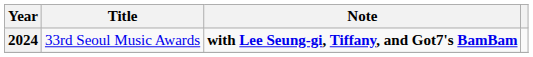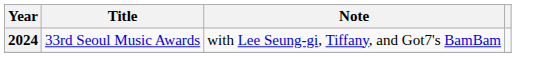 <table class="wikitable sortable plainrowheaders">
 <tr>
 <th>Year</th>
 <th>Title</th>
 <th>Note</th>
 <th></th>
 </tr>
 <tr>
 <th scope="row">2024</th>
 <td><a href='#'>33rd Seoul Music Awards</a></td>
-<td><strong>with <a href='#'>Lee Seung-gi</a>, <a href='#'>Tiffany</a>, and Got7's <a href='#'>BamBam</a></strong></td>
+<td>with <a href='#'>Lee Seung-gi</a>, <a href='#'>Tiffany</a>, and Got7's <a href='#'>BamBam</a></td>
 <td></td>
 </tr>
 <tr>
 </tr>
 </table>
